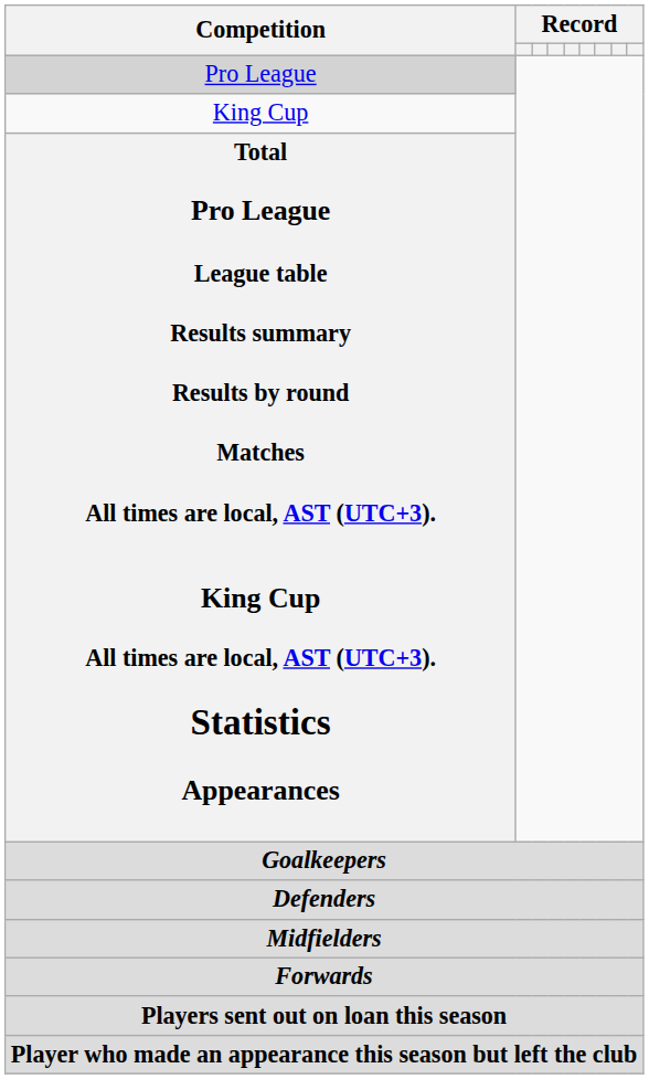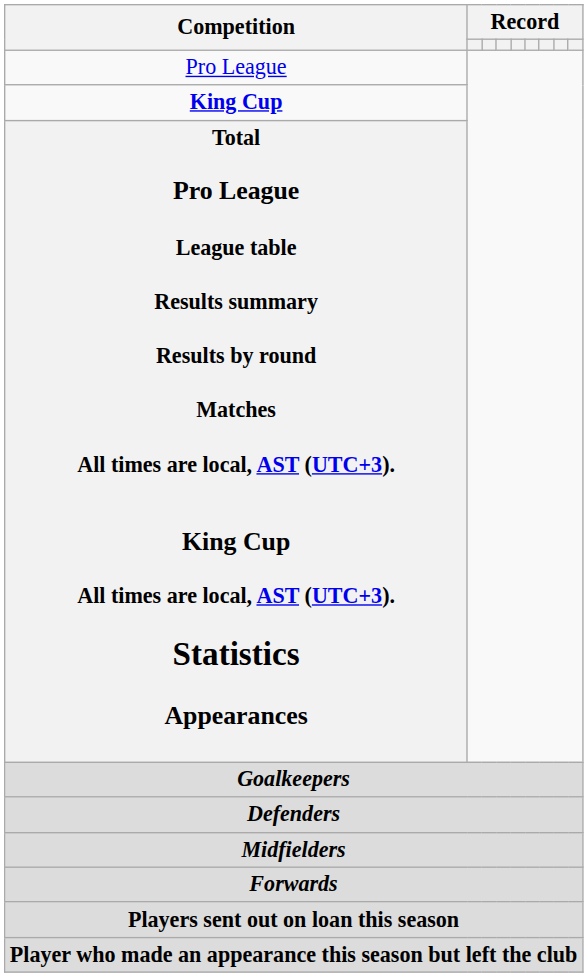 <table class="wikitable" style="text-align: center">
 <tr>
 <th rowspan=2>Competition</th>
 <th colspan=8>Record</th>
 </tr>
 <tr>
 <th></th>
 <th></th>
 <th></th>
 <th></th>
 <th></th>
 <th></th>
 <th></th>
 <th></th>
 </tr>
 <tr>
-<td style="background: lightgrey;"><a href='#'>Pro League</a><br></td>
+<td><a href='#'>Pro League</a><br></td>
 </tr>
 <tr>
-<td><a href='#'>King Cup</a><br></td>
+<td><strong><a href='#'>King Cup</a><br></strong></td>
 </tr>
 <tr>
 <th>Total<br> <h3>Pro League</h3><h4>League table</h4><h4>Results summary</h4> <h4>Results by round</h4><h4>Matches</h4>All times are local, <a href='#'>AST</a> (<a href='#'>UTC+3</a>).<br>   <br>                                 <h3>King Cup</h3> All times are local, <a href='#'>AST</a> (<a href='#'>UTC+3</a>).<br><h2>Statistics</h2><h3>Appearances</h3></th>
 </tr>
 <tr>
 <th colspan=10 style=background:#dcdcdc; text-align:center><em>Goalkeepers</em><br>   </th>
 </tr>
 <tr>
 <th colspan=10 style=background:#dcdcdc; text-align:center><em>Defenders</em><br>          </th>
 </tr>
 <tr>
 <th colspan=10 style=background:#dcdcdc; text-align:center><em>Midfielders</em><br>         </th>
 </tr>
 <tr>
 <th colspan=10 style=background:#dcdcdc; text-align:center><em>Forwards</em><br>    </th>
 </tr>
 <tr>
 <th colspan=16 style=background:#dcdcdc; text-align:center>Players sent out on loan this season<br> </th>
 </tr>
 <tr>
 <th colspan=20 style=background:#dcdcdc; text-align:center>Player who made an appearance this season but left the club<br>   </th>
 </tr>
 </table>
